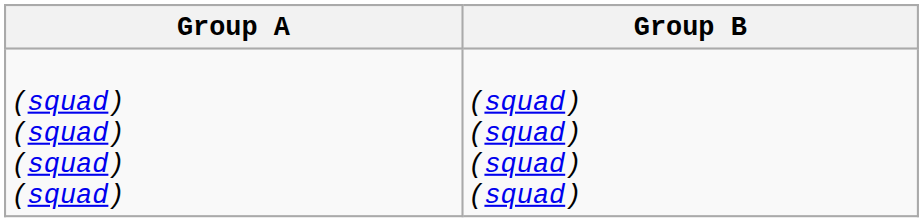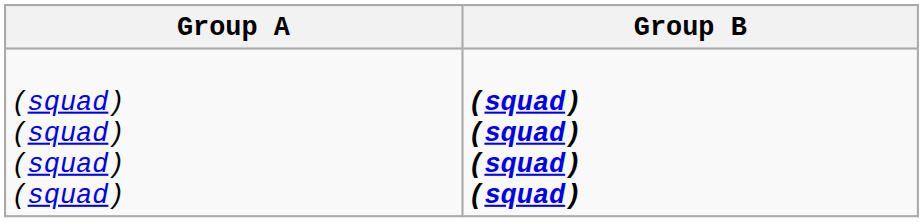 <table class="wikitable" width=35%>
 <tr>
 <th width=50%>Group A</th>
 <th width=50%>Group B</th>
 </tr>
 <tr>
 <td valign=top><br> <em>(<a href='#'>squad</a>)</em><br>  <em>(<a href='#'>squad</a>)</em><br>  <em>(<a href='#'>squad</a>)</em><br>  <em>(<a href='#'>squad</a>)</em><br></td>
-<td valign=top><br> <em>(<a href='#'>squad</a>)</em><br>  <em>(<a href='#'>squad</a>)</em><br>  <em>(<a href='#'>squad</a>)</em><br>  <em>(<a href='#'>squad</a>)</em><br></td>
+<td valign=top><strong><br> <em>(<a href='#'>squad</a>)</em><br>  <em>(<a href='#'>squad</a>)</em><br>  <em>(<a href='#'>squad</a>)</em><br>  <em>(<a href='#'>squad</a>)</em><br></strong></td>
 </tr>
 </table>
